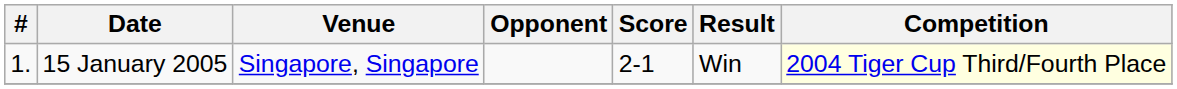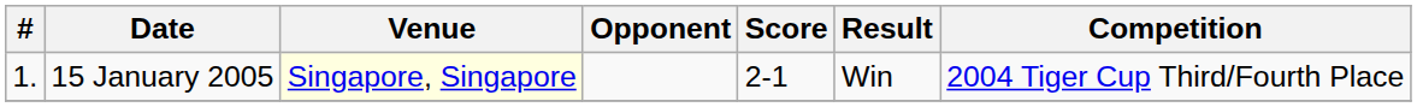 <table class="wikitable">
 <tr>
 <th>#</th>
 <th>Date</th>
 <th>Venue</th>
 <th>Opponent</th>
 <th>Score</th>
 <th>Result</th>
 <th>Competition</th>
 </tr>
 <tr>
 <td>1.</td>
 <td>15 January 2005</td>
-<td><a href='#'>Singapore</a>, <a href='#'>Singapore</a></td>
+<td style="background: lightyellow;"><a href='#'>Singapore</a>, <a href='#'>Singapore</a></td>
 <td></td>
 <td>2-1</td>
 <td>Win</td>
-<td style="background: lightyellow;"><a href='#'>2004 Tiger Cup</a> Third/Fourth Place</td>
+<td><a href='#'>2004 Tiger Cup</a> Third/Fourth Place</td>
 </tr>
 <tr>
 </tr>
 </table>
